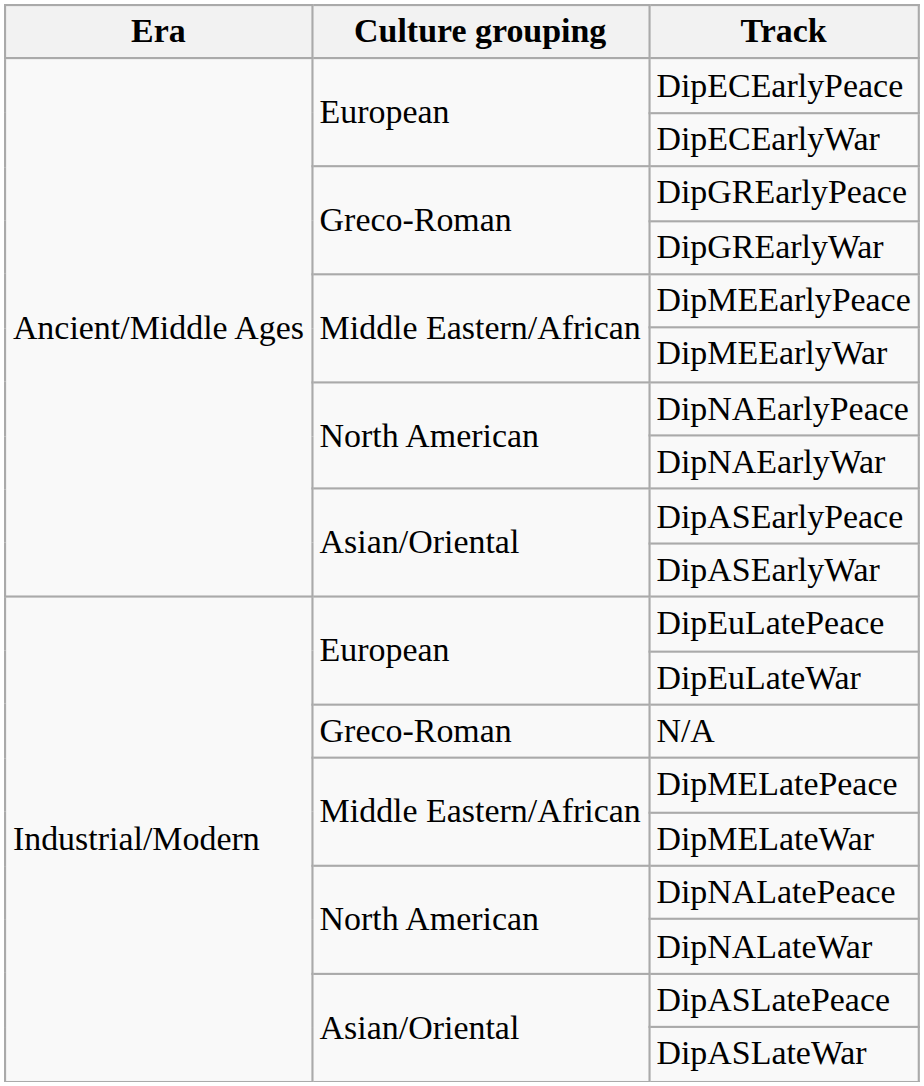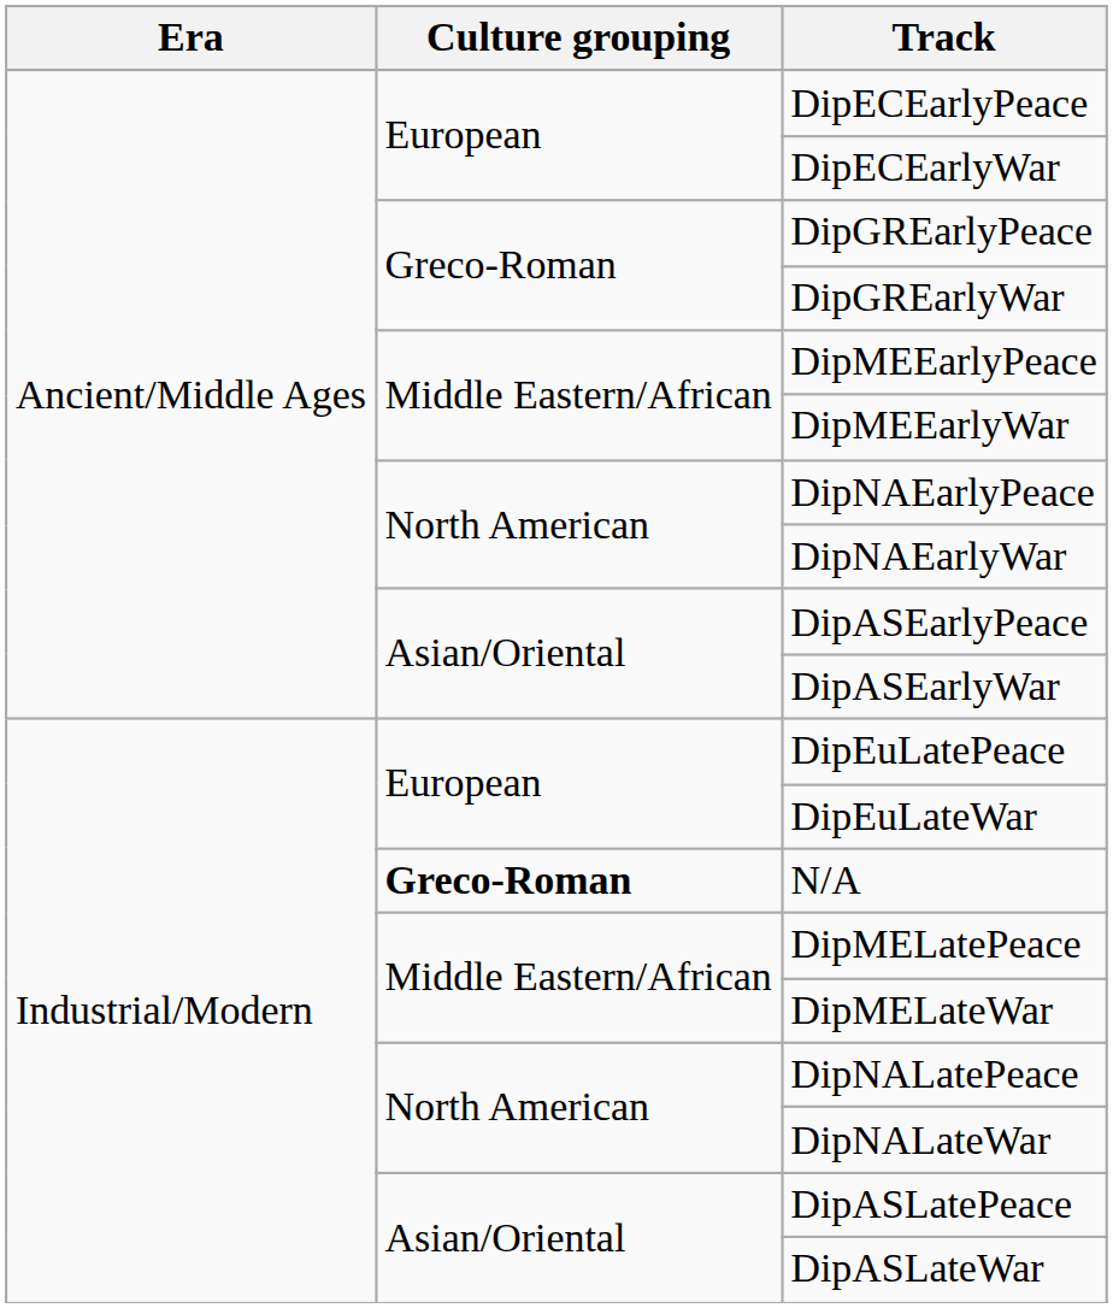 <table class="wikitable sortable mw-collapsible mw-collapsed">
 <tr>
 <th>Era</th>
 <th>Culture grouping</th>
 <th>Track</th>
 </tr>
 <tr>
 <td rowspan="10">Ancient/Middle Ages</td>
 <td rowspan="2">European</td>
 <td>DipECEarlyPeace</td>
 </tr>
 <tr>
 <td>DipECEarlyWar</td>
 </tr>
 <tr>
 <td rowspan="2">Greco-Roman</td>
 <td>DipGREarlyPeace</td>
 </tr>
 <tr>
 <td>DipGREarlyWar</td>
 </tr>
 <tr>
 <td rowspan="2">Middle Eastern/African</td>
 <td>DipMEEarlyPeace</td>
 </tr>
 <tr>
 <td>DipMEEarlyWar</td>
 </tr>
 <tr>
 <td rowspan="2">North American</td>
 <td>DipNAEarlyPeace</td>
 </tr>
 <tr>
 <td>DipNAEarlyWar</td>
 </tr>
 <tr>
 <td rowspan="2">Asian/Oriental</td>
 <td>DipASEarlyPeace</td>
 </tr>
 <tr>
 <td>DipASEarlyWar</td>
 </tr>
 <tr>
 <td rowspan="9">Industrial/Modern</td>
 <td rowspan="2">European</td>
 <td>DipEuLatePeace</td>
 </tr>
 <tr>
 <td>DipEuLateWar</td>
 </tr>
 <tr>
-<td>Greco-Roman</td>
+<td><strong>Greco-Roman</strong></td>
 <td>N/A</td>
 </tr>
 <tr>
 <td rowspan="2">Middle Eastern/African</td>
 <td>DipMELatePeace</td>
 </tr>
 <tr>
 <td>DipMELateWar</td>
 </tr>
 <tr>
 <td rowspan="2">North American</td>
 <td>DipNALatePeace</td>
 </tr>
 <tr>
 <td>DipNALateWar</td>
 </tr>
 <tr>
 <td rowspan="2">Asian/Oriental</td>
 <td>DipASLatePeace</td>
 </tr>
 <tr>
 <td>DipASLateWar</td>
 </tr>
 </table>
